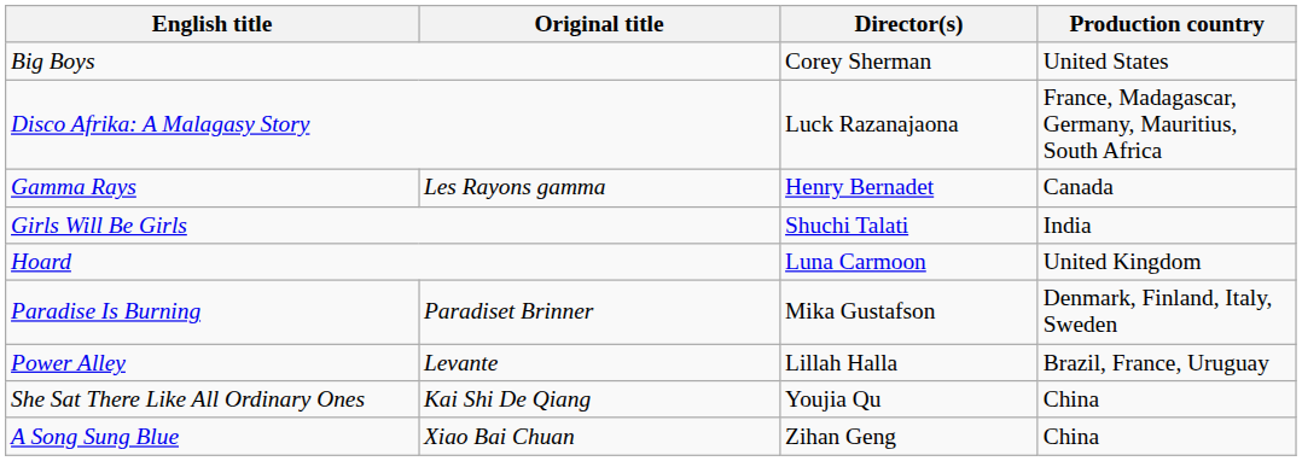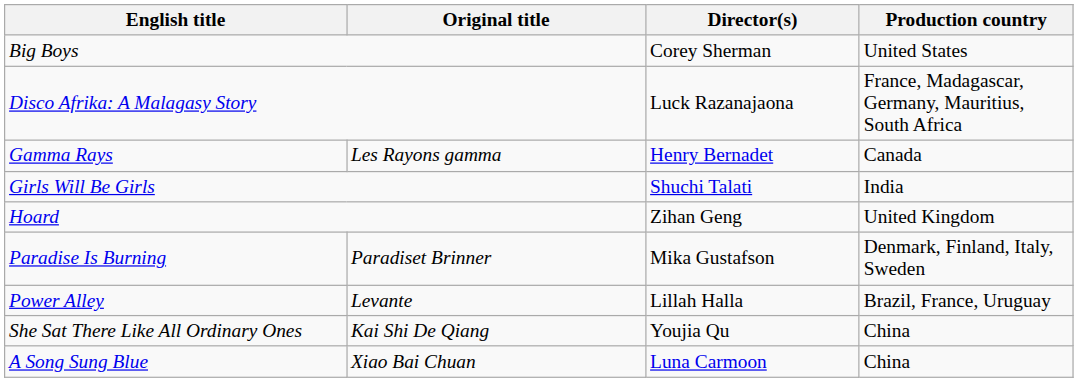 <table class="wikitable" width=100%>
 <tr>
 <th scope="col" width="32%">English title</th>
 <th scope="col" width="28%">Original title</th>
 <th scope="col" width="20%">Director(s)</th>
 <th scope="col" width="20%">Production country</th>
 </tr>
 <tr>
 <td colspan=2><em>Big Boys</em></td>
 <td>Corey Sherman</td>
 <td>United States</td>
 </tr>
 <tr>
 <td colspan=2><em><a href='#'>Disco Afrika: A Malagasy Story</a></em></td>
 <td>Luck Razanajaona</td>
 <td>France, Madagascar, Germany, Mauritius, South Africa</td>
 </tr>
 <tr>
 <td><em><a href='#'>Gamma Rays</a></em></td>
 <td><em>Les Rayons gamma</em></td>
 <td><a href='#'>Henry Bernadet</a></td>
 <td>Canada</td>
 </tr>
 <tr>
 <td colspan=2><em><a href='#'>Girls Will Be Girls</a></em></td>
 <td><a href='#'>Shuchi Talati</a></td>
 <td>India</td>
 </tr>
 <tr>
 <td colspan=2><em><a href='#'>Hoard</a></em></td>
-<td><a href='#'>Luna Carmoon</a></td>
+<td>Zihan Geng</td>
 <td>United Kingdom</td>
 </tr>
 <tr>
 <td><em><a href='#'>Paradise Is Burning</a></em></td>
 <td><em>Paradiset Brinner</em></td>
 <td>Mika Gustafson</td>
 <td>Denmark, Finland, Italy, Sweden</td>
 </tr>
 <tr>
 <td><em><a href='#'>Power Alley</a></em></td>
 <td><em>Levante</em></td>
 <td>Lillah Halla</td>
 <td>Brazil, France, Uruguay</td>
 </tr>
 <tr>
 <td><em>She Sat There Like All Ordinary Ones</em></td>
 <td><em>Kai Shi De Qiang</em></td>
 <td>Youjia Qu</td>
 <td>China</td>
 </tr>
 <tr>
 <td><em><a href='#'>A Song Sung Blue</a></em></td>
 <td><em>Xiao Bai Chuan</em></td>
-<td>Zihan Geng</td>
+<td><a href='#'>Luna Carmoon</a></td>
 <td>China</td>
 </tr>
 </table>
